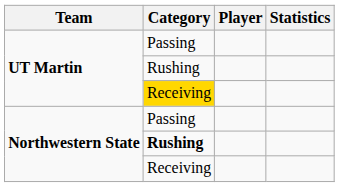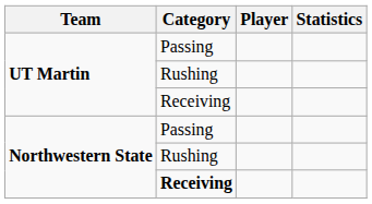 <table class="wikitable" style="float: left;">
 <tr>
 <th>Team</th>
 <th>Category</th>
 <th>Player</th>
 <th>Statistics</th>
 </tr>
 <tr>
 <td rowspan=3><strong>UT Martin</strong></td>
 <td>Passing</td>
 <td> </td>
 <td> </td>
 </tr>
 <tr>
 <td>Rushing</td>
 <td> </td>
 <td> </td>
 </tr>
 <tr>
-<td style="background: gold;">Receiving</td>
+<td>Receiving</td>
 <td> </td>
 <td> </td>
 </tr>
 <tr>
 <td rowspan=3><strong>Northwestern State</strong></td>
 <td>Passing</td>
 <td> </td>
 <td> </td>
 </tr>
 <tr>
-<td><strong>Rushing</strong></td>
+<td>Rushing</td>
 <td> </td>
 <td> </td>
 </tr>
 <tr>
-<td>Receiving</td>
+<td><strong>Receiving</strong></td>
 <td> </td>
 <td> </td>
 </tr>
 </table>
